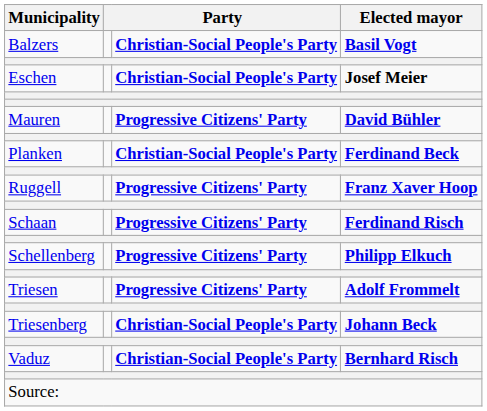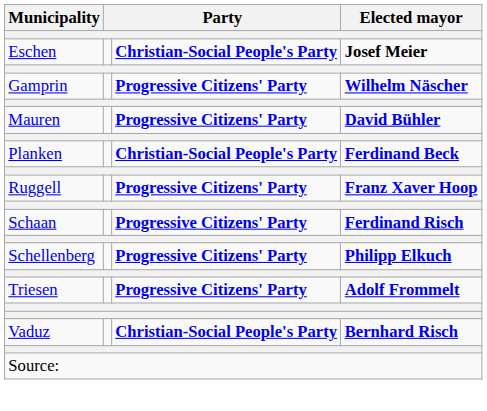 <table class="wikitable" style="text-align:right">
 <tr>
 <th>Municipality</th>
 <th colspan="2">Party</th>
 <th>Elected mayor</th>
-</tr>
-<tr>
-<td align="left"><a href='#'>Balzers</a></td>
-<td style="color:inherit;background:"></td>
-<td align="left"><a href='#'><strong>Christian-Social People's Party</strong></a></td>
-<td align="left"><strong><a href='#'>Basil Vogt</a></strong></td>
 </tr>
 <tr>
 <th colspan="4"></th>
 </tr>
 <tr>
 <td align="left"><a href='#'>Eschen</a></td>
 <td style="color:inherit;background:"></td>
 <td align="left"><a href='#'><strong>Christian-Social People's Party</strong></a></td>
 <td align="left"><strong>Josef Meier</strong></td>
 </tr>
 <tr>
 <th colspan="4"></th>
+</tr>
+<tr>
+<td align="left"><a href='#'>Gamprin</a></td>
+<td style="color:inherit;background:"></td>
+<td align="left"><strong><a href='#'>Progressive Citizens' Party</a></strong></td>
+<td align="left"><strong><a href='#'>Wilhelm Näscher</a></strong></td>
 </tr>
 <tr>
 <th colspan="4"></th>
 </tr>
 <tr>
 <td align="left"><a href='#'>Mauren</a></td>
 <td style="color:inherit;background:"></td>
 <td align="left"><strong><a href='#'>Progressive Citizens' Party</a></strong></td>
 <td align="left"><strong><a href='#'>David Bühler</a></strong></td>
 </tr>
 <tr>
 <th colspan="4"></th>
 </tr>
 <tr>
 <td align="left"><a href='#'>Planken</a></td>
 <td style="color:inherit;background:"></td>
 <td align="left"><a href='#'><strong>Christian-Social People's Party</strong></a></td>
 <td align="left"><strong><a href='#'>Ferdinand Beck</a></strong></td>
 </tr>
 <tr>
 <th colspan="4"></th>
 </tr>
 <tr>
 <td align="left"><a href='#'>Ruggell</a></td>
 <td style="color:inherit;background:"></td>
 <td align="left"><strong><a href='#'>Progressive Citizens' Party</a></strong></td>
 <td align="left"><strong><a href='#'>Franz Xaver Hoop</a></strong></td>
 </tr>
 <tr>
 <th colspan="4"></th>
 </tr>
 <tr>
 <td align="left"><a href='#'>Schaan</a></td>
 <td style="color:inherit;background:"></td>
 <td align="left"><strong><a href='#'>Progressive Citizens' Party</a></strong></td>
 <td align="left"><strong><a href='#'>Ferdinand Risch</a></strong></td>
 </tr>
 <tr>
 <th colspan="4"></th>
 </tr>
 <tr>
 <td align="left"><a href='#'>Schellenberg</a></td>
 <td style="color:inherit;background:"></td>
 <td align="left"><strong><a href='#'>Progressive Citizens' Party</a></strong></td>
 <td align="left"><strong><a href='#'>Philipp Elkuch</a></strong></td>
 </tr>
 <tr>
 <th colspan="4"></th>
 </tr>
 <tr>
 <td align="left"><a href='#'>Triesen</a></td>
 <td style="color:inherit;background:"></td>
 <td align="left"><strong><a href='#'>Progressive Citizens' Party</a></strong></td>
 <td align="left"><strong><a href='#'>Adolf Frommelt</a></strong></td>
 </tr>
 <tr>
 <th colspan="4"></th>
 </tr>
 <tr>
-<td align="left"><a href='#'>Triesenberg</a></td>
-<td style="color:inherit;background:"></td>
-<td align="left"><a href='#'><strong>Christian-Social People's Party</strong></a></td>
-<td align="left"><strong><a href='#'>Johann Beck</a></strong></td>
-</tr>
-<tr>
 <th colspan="4"></th>
 </tr>
 <tr>
 <td align="left"><a href='#'>Vaduz</a></td>
 <td style="color:inherit;background:"></td>
 <td align="left"><a href='#'><strong>Christian-Social People's Party</strong></a></td>
 <td align="left"><strong><a href='#'>Bernhard Risch</a></strong></td>
 </tr>
 <tr>
 <th colspan="4"></th>
 </tr>
 <tr>
 <td colspan="4" align="left">Source: </td>
 </tr>
 </table>
